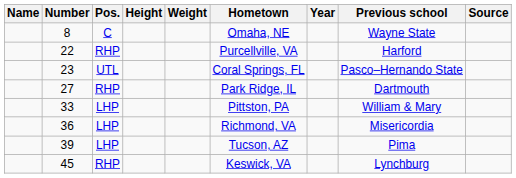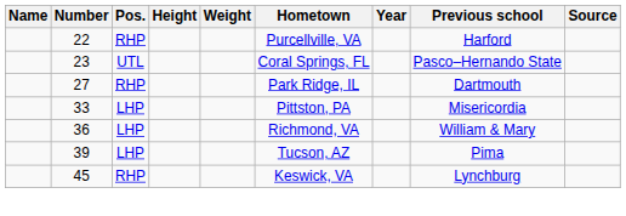 <table class="wikitable sortable sortable" style="text-align: center">
 <tr align=center>
 <th>Name</th>
 <th>Number</th>
 <th>Pos.</th>
 <th>Height</th>
 <th>Weight</th>
 <th>Hometown</th>
 <th>Year</th>
 <th>Previous school</th>
 <th>Source</th>
-</tr>
-<tr>
-<td></td>
-<td>8</td>
-<td><a href='#'>C</a></td>
-<td></td>
-<td></td>
-<td><a href='#'>Omaha, NE</a></td>
-<td></td>
-<td><a href='#'>Wayne State</a></td>
-<td></td>
 </tr>
 <tr>
 <td></td>
 <td>22</td>
 <td><a href='#'>RHP</a></td>
 <td></td>
 <td></td>
 <td><a href='#'>Purcellville, VA</a></td>
 <td></td>
 <td><a href='#'>Harford</a></td>
 <td></td>
 </tr>
 <tr>
 <td></td>
 <td>23</td>
 <td><a href='#'>UTL</a></td>
 <td></td>
 <td></td>
 <td><a href='#'>Coral Springs, FL</a></td>
 <td></td>
 <td><a href='#'>Pasco–Hernando State</a></td>
 <td></td>
 </tr>
 <tr>
 <td></td>
 <td>27</td>
 <td><a href='#'>RHP</a></td>
 <td></td>
 <td></td>
 <td><a href='#'>Park Ridge, IL</a></td>
 <td></td>
 <td><a href='#'>Dartmouth</a></td>
 <td></td>
 </tr>
 <tr>
 <td></td>
 <td>33</td>
 <td><a href='#'>LHP</a></td>
 <td></td>
 <td></td>
 <td><a href='#'>Pittston, PA</a></td>
 <td></td>
-<td><a href='#'>William & Mary</a></td>
+<td><a href='#'>Misericordia</a></td>
 <td></td>
 </tr>
 <tr>
 <td></td>
 <td>36</td>
 <td><a href='#'>LHP</a></td>
 <td></td>
 <td></td>
 <td><a href='#'>Richmond, VA</a></td>
 <td></td>
-<td><a href='#'>Misericordia</a></td>
+<td><a href='#'>William & Mary</a></td>
 <td></td>
 </tr>
 <tr>
 <td></td>
 <td>39</td>
 <td><a href='#'>LHP</a></td>
 <td></td>
 <td></td>
 <td><a href='#'>Tucson, AZ</a></td>
 <td></td>
 <td><a href='#'>Pima</a></td>
 <td></td>
 </tr>
 <tr>
 <td></td>
 <td>45</td>
 <td><a href='#'>RHP</a></td>
 <td></td>
 <td></td>
 <td><a href='#'>Keswick, VA</a></td>
 <td></td>
 <td><a href='#'>Lynchburg</a></td>
 <td></td>
 </tr>
 </table>
